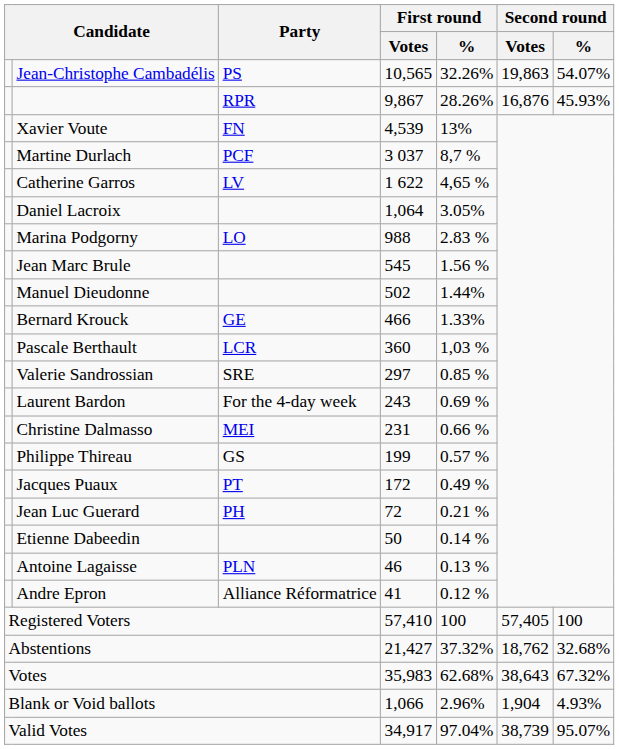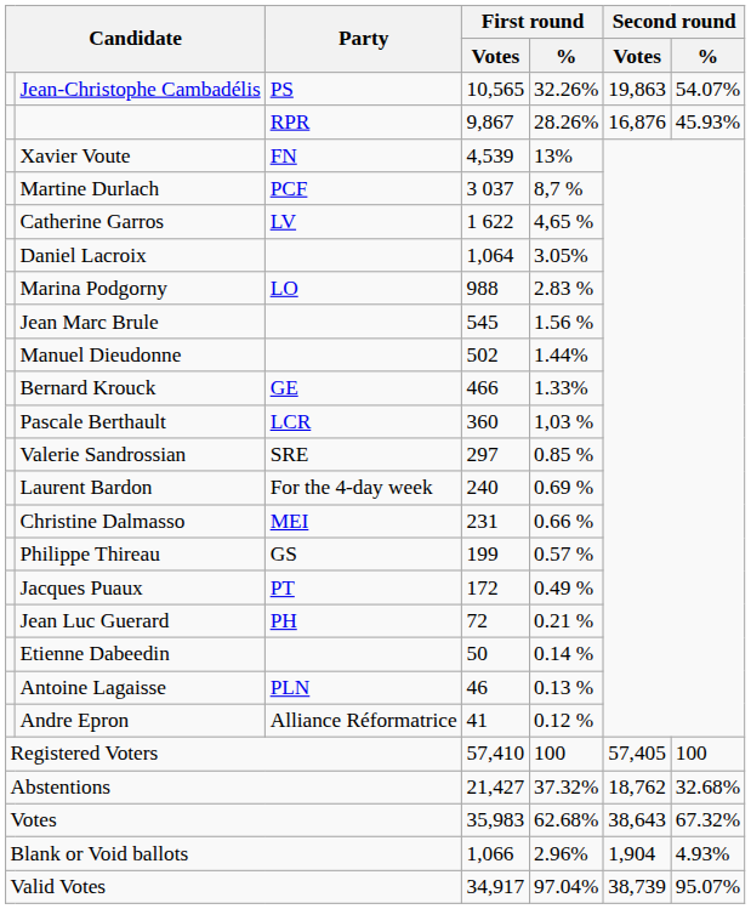 <table class="wikitable">
 <tr>
 <th colspan="2" rowspan="2">Candidate</th>
 <th rowspan="2">Party</th>
 <th colspan="2">First round</th>
 <th colspan="2">Second round</th>
 </tr>
 <tr>
 <th>Votes</th>
 <th>%</th>
 <th>Votes</th>
 <th>%</th>
 </tr>
 <tr>
 <td style="background-color:"></td>
 <td><a href='#'>Jean-Christophe Cambadélis</a></td>
 <td><a href='#'>PS</a></td>
 <td>10,565</td>
 <td>32.26%</td>
 <td>19,863</td>
 <td>54.07%</td>
 </tr>
 <tr>
 <td style="background-color:"></td>
 <td></td>
 <td><a href='#'>RPR</a></td>
 <td>9,867</td>
 <td>28.26%</td>
 <td>16,876</td>
 <td>45.93%</td>
 </tr>
 <tr>
 <td style="background-color:"></td>
 <td>Xavier Voute</td>
 <td><a href='#'>FN</a></td>
 <td>4,539</td>
 <td>13%</td>
 </tr>
 <tr>
 <td style="background-color:"></td>
 <td>Martine Durlach</td>
 <td><a href='#'>PCF</a></td>
 <td>3 037</td>
 <td>8,7 %</td>
 </tr>
 <tr>
 <td style="background-color:"></td>
 <td>Catherine Garros</td>
 <td><a href='#'>LV</a></td>
 <td>1 622</td>
 <td>4,65 %</td>
 </tr>
 <tr>
 <td></td>
 <td>Daniel Lacroix</td>
 <td></td>
 <td>1,064</td>
 <td>3.05%</td>
 </tr>
 <tr>
 <td style="background-color:"></td>
 <td>Marina Podgorny</td>
 <td><a href='#'>LO</a></td>
 <td>988</td>
 <td>2.83 %</td>
 </tr>
 <tr>
 <td></td>
 <td>Jean Marc Brule</td>
 <td></td>
 <td>545</td>
 <td>1.56 %</td>
 </tr>
 <tr>
 <td></td>
 <td>Manuel Dieudonne</td>
 <td></td>
 <td>502</td>
 <td>1.44%</td>
 </tr>
 <tr>
 <td style="background-color:"></td>
 <td>Bernard Krouck</td>
 <td><a href='#'>GE</a></td>
 <td>466</td>
 <td>1.33%</td>
 </tr>
 <tr>
 <td style="background-color:"></td>
 <td>Pascale Berthault</td>
 <td><a href='#'>LCR</a></td>
 <td>360</td>
 <td>1,03 %</td>
 </tr>
 <tr>
 <td></td>
 <td>Valerie Sandrossian</td>
 <td>SRE</td>
 <td>297</td>
 <td>0.85 %</td>
 </tr>
 <tr>
 <td></td>
 <td>Laurent Bardon</td>
 <td>For the 4-day week</td>
-<td>243</td>
+<td>240</td>
 <td>0.69 %</td>
 </tr>
 <tr>
 <td style="background-color:"></td>
 <td>Christine Dalmasso</td>
 <td><a href='#'>MEI</a></td>
 <td>231</td>
 <td>0.66 %</td>
 </tr>
 <tr>
 <td></td>
 <td>Philippe Thireau</td>
 <td>GS</td>
 <td>199</td>
 <td>0.57 %</td>
 </tr>
 <tr>
 <td style="background-color:"></td>
 <td>Jacques Puaux</td>
 <td><a href='#'>PT</a></td>
 <td>172</td>
 <td>0.49 %</td>
 </tr>
 <tr>
 <td style="background-color:"></td>
 <td>Jean Luc Guerard</td>
 <td><a href='#'>PH</a></td>
 <td>72</td>
 <td>0.21 %</td>
 </tr>
 <tr>
 <td></td>
 <td>Etienne Dabeedin</td>
 <td></td>
 <td>50</td>
 <td>0.14 %</td>
 </tr>
 <tr>
 <td></td>
 <td>Antoine Lagaisse</td>
 <td><a href='#'>PLN</a></td>
 <td>46</td>
 <td>0.13 %</td>
 </tr>
 <tr>
 <td></td>
 <td>Andre Epron</td>
 <td>Alliance Réformatrice</td>
 <td>41</td>
 <td>0.12 %</td>
 </tr>
 <tr>
 <td colspan="3">Registered Voters</td>
 <td>57,410</td>
 <td>100</td>
 <td>57,405</td>
 <td>100</td>
 </tr>
 <tr>
 <td colspan="3">Abstentions</td>
 <td>21,427</td>
 <td>37.32%</td>
 <td>18,762</td>
 <td>32.68%</td>
 </tr>
 <tr>
 <td colspan="3">Votes</td>
 <td>35,983</td>
 <td>62.68%</td>
 <td>38,643</td>
 <td>67.32%</td>
 </tr>
 <tr>
 <td colspan="3">Blank or Void ballots</td>
 <td>1,066</td>
 <td>2.96%</td>
 <td>1,904</td>
 <td>4.93%</td>
 </tr>
 <tr>
 <td colspan="3">Valid Votes</td>
 <td>34,917</td>
 <td>97.04%</td>
 <td>38,739</td>
 <td>95.07%</td>
 </tr>
 </table>
